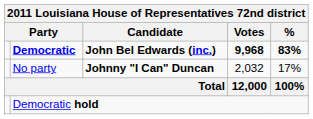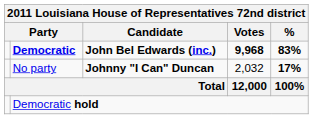 <table class=wikitable>
 <tr>
 <th colspan = 6>2011 Louisiana House of Representatives 72nd district</th>
 </tr>
 <tr>
 <th colspan=2>Party</th>
 <th>Candidate</th>
 <th>Votes</th>
 <th>%</th>
 </tr>
 <tr>
 <td></td>
 <td><strong><a href='#'>Democratic</a></strong></td>
 <td><strong>John Bel Edwards (<a href='#'>inc.</a>)</strong></td>
 <td align=center><strong>9,968</strong></td>
 <td align=center><strong>83%</strong></td>
 </tr>
 <tr>
 <td></td>
 <td><a href='#'>No party</a></td>
 <td><strong>Johnny "I Can" Duncan</strong></td>
 <td align=center>2,032</td>
-<td align=center>17%</td>
+<td align=center><strong>17%</strong></td>
 </tr>
 <tr>
 <th colspan=3; style="text-align:right;">Total</th>
 <th align=center>12,000</th>
 <th align=center>100%</th>
 </tr>
 <tr>
 <td></td>
 <td colspan=6; style="text-align:left;"><a href='#'>Democratic</a> <strong>hold</strong></td>
 </tr>
 </table>
